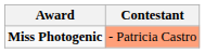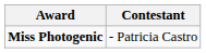 <table class="wikitable">
 <tr>
 <th>Award</th>
 <th>Contestant</th>
 </tr>
 <tr>
 <td><strong>Miss Photogenic</strong></td>
-<td style="background: lightsalmon;"><strong></strong> -  Patricia Castro</td>
+<td><strong></strong> -  Patricia Castro</td>
 </tr>
 </table>
